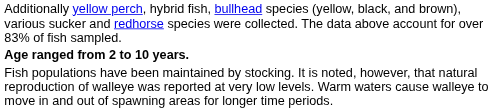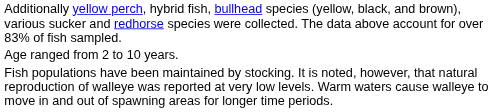 <table>
 <tr>
 <td> Additionally <a href='#'>yellow perch</a>, hybrid fish, <a href='#'>bullhead</a> species (yellow, black, and brown), various sucker and <a href='#'>redhorse</a> species were collected. The data above account for over 83% of fish sampled.</td>
 </tr>
 <tr>
-<td><strong>Age ranged from 2 to 10 years.</strong></td>
+<td>Age ranged from 2 to 10 years.</td>
 </tr>
 <tr>
 <td> Fish populations have been maintained by stocking. It is noted, however, that natural reproduction of walleye was reported at very low levels. Warm waters cause walleye to move in and out of spawning areas for longer time periods.</td>
 </tr>
 </table>
